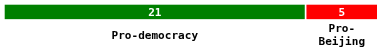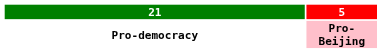 <table style="width:50%; text-align:center;">
 <tr style="color:white;">
 <td style="background:green; width:81%;"><strong>21</strong></td>
 <td style="background:red; width:19%;"><strong>5</strong></td>
 </tr>
 <tr>
 <td><span><strong>Pro-democracy</strong></span></td>
-<td><span><strong>Pro-Beijing</strong></span></td>
+<td style="background: pink;"><span><strong>Pro-Beijing</strong></span></td>
 </tr>
 </table>
